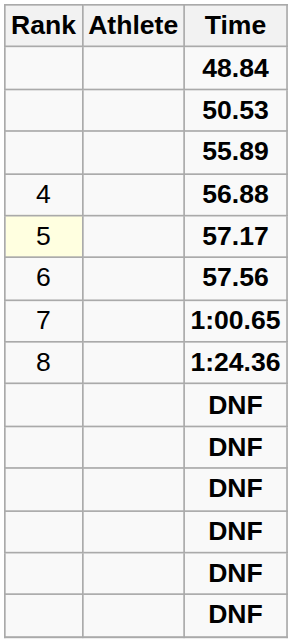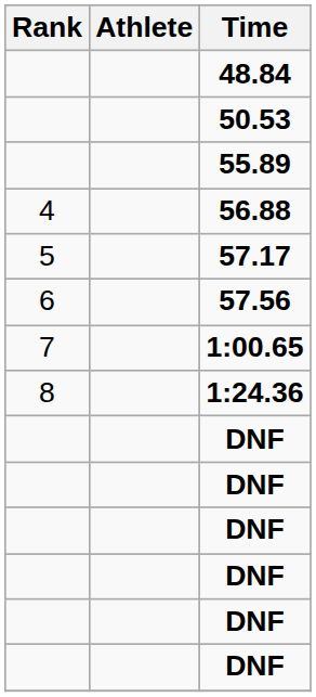 <table class=wikitable style="text-align:center;">
 <tr>
 <th>Rank</th>
 <th>Athlete</th>
 <th>Time</th>
 </tr>
 <tr>
 <td></td>
 <td align=left></td>
 <td><strong>48.84</strong></td>
 </tr>
 <tr>
 <td></td>
 <td align=left></td>
 <td><strong>50.53</strong></td>
 </tr>
 <tr>
 <td></td>
 <td align=left></td>
 <td><strong>55.89</strong></td>
 </tr>
 <tr>
 <td>4</td>
 <td align=left></td>
 <td><strong>56.88</strong></td>
 </tr>
 <tr>
-<td style="background: lightyellow;">5</td>
+<td>5</td>
 <td align=left></td>
 <td><strong>57.17</strong></td>
 </tr>
 <tr>
 <td>6</td>
 <td align=left></td>
 <td><strong>57.56</strong></td>
 </tr>
 <tr>
 <td>7</td>
 <td align=left></td>
 <td><strong>1:00.65</strong></td>
 </tr>
 <tr>
 <td>8</td>
 <td align=left></td>
 <td><strong>1:24.36</strong></td>
 </tr>
 <tr>
 <td></td>
 <td align=left></td>
 <td><strong>DNF</strong></td>
 </tr>
 <tr>
 <td></td>
 <td align=left></td>
 <td><strong>DNF</strong></td>
 </tr>
 <tr>
 <td></td>
 <td align=left></td>
 <td><strong>DNF</strong></td>
 </tr>
 <tr>
 <td></td>
 <td align=left></td>
 <td><strong>DNF</strong></td>
 </tr>
 <tr>
 <td></td>
 <td align=left></td>
 <td><strong>DNF</strong></td>
 </tr>
 <tr>
 <td></td>
 <td align=left></td>
 <td><strong>DNF</strong></td>
 </tr>
 <tr>
 </tr>
 </table>
